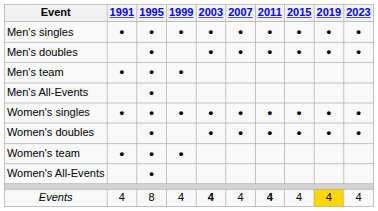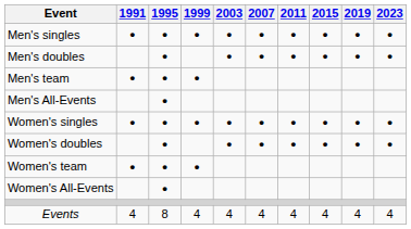 <table class="wikitable" style="text-align:center">
 <tr>
 <th>Event</th>
 <th><a href='#'>1991</a></th>
 <th><a href='#'>1995</a></th>
 <th><a href='#'>1999</a></th>
 <th><a href='#'>2003</a></th>
 <th><a href='#'>2007</a></th>
 <th><a href='#'>2011</a></th>
 <th><a href='#'>2015</a></th>
 <th><a href='#'>2019</a></th>
 <th><a href='#'>2023</a></th>
 </tr>
 <tr>
 <td align=left>Men's singles</td>
 <td><big><strong>•</strong></big></td>
 <td><big><strong>•</strong></big></td>
 <td><big><strong>•</strong></big></td>
 <td><big><strong>•</strong></big></td>
 <td><big><strong>•</strong></big></td>
 <td><big><strong>•</strong></big></td>
 <td><big><strong>•</strong></big></td>
 <td><big><strong>•</strong></big></td>
 <td><big><strong>•</strong></big></td>
 </tr>
 <tr>
 <td align=left>Men's doubles</td>
 <td></td>
 <td><big><strong>•</strong></big></td>
 <td></td>
 <td><big><strong>•</strong></big></td>
 <td><big><strong>•</strong></big></td>
 <td><big><strong>•</strong></big></td>
 <td><big><strong>•</strong></big></td>
 <td><big><strong>•</strong></big></td>
 <td><big><strong>•</strong></big></td>
 </tr>
 <tr>
 <td align=left>Men's team</td>
 <td><big><strong>•</strong></big></td>
 <td><big><strong>•</strong></big></td>
 <td><big><strong>•</strong></big></td>
 <td></td>
 <td></td>
 <td></td>
 <td></td>
 <td></td>
 <td></td>
 </tr>
 <tr>
 <td align=left>Men's All-Events</td>
 <td></td>
 <td><big><strong>•</strong></big></td>
 <td></td>
 <td></td>
 <td></td>
 <td></td>
 <td></td>
 <td></td>
 <td></td>
 </tr>
 <tr>
 <td align=left>Women's singles</td>
 <td><big><strong>•</strong></big></td>
 <td><big><strong>•</strong></big></td>
 <td><big><strong>•</strong></big></td>
 <td><big><strong>•</strong></big></td>
 <td><big><strong>•</strong></big></td>
 <td><big><strong>•</strong></big></td>
 <td><big><strong>•</strong></big></td>
 <td><big><strong>•</strong></big></td>
 <td><big><strong>•</strong></big></td>
 </tr>
 <tr>
 <td align=left>Women's doubles</td>
 <td></td>
 <td><big><strong>•</strong></big></td>
 <td></td>
 <td><big><strong>•</strong></big></td>
 <td><big><strong>•</strong></big></td>
 <td><big><strong>•</strong></big></td>
 <td><big><strong>•</strong></big></td>
 <td><big><strong>•</strong></big></td>
 <td><big><strong>•</strong></big></td>
 </tr>
 <tr>
 <td align=left>Women's team</td>
 <td><big><strong>•</strong></big></td>
 <td><big><strong>•</strong></big></td>
 <td><big><strong>•</strong></big></td>
 <td></td>
 <td></td>
 <td></td>
 <td></td>
 <td></td>
 <td></td>
 </tr>
 <tr>
 <td align=left>Women's All-Events</td>
 <td></td>
 <td><big><strong>•</strong></big></td>
 <td></td>
 <td></td>
 <td></td>
 <td></td>
 <td></td>
 <td></td>
 <td></td>
 </tr>
 <tr bgcolor=lightgray>
 <td colspan=10></td>
 </tr>
 <tr>
 <td><em>Events</em></td>
 <td>4</td>
 <td>8</td>
 <td>4</td>
-<td><strong>4</strong></td>
 <td>4</td>
-<td><strong>4</strong></td>
 <td>4</td>
-<td style="background: gold;">4</td>
+<td>4</td>
+<td>4</td>
+<td>4</td>
 <td>4</td>
 </tr>
 </table>
